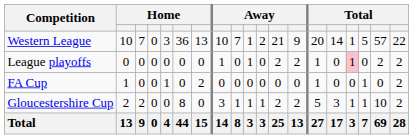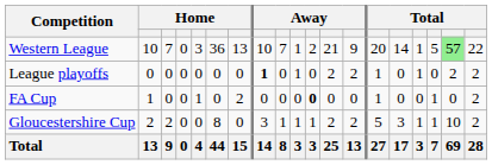 <table class="wikitable" style="text-align:center;">
 <tr>
 <th rowspan="2">Competition</th>
 <th colspan="6" style="border-right:3px solid grey;">Home</th>
 <th colspan="6" style="border-right:3px solid grey;">Away</th>
 <th colspan="6">Total</th>
 </tr>
 <tr>
 <th></th>
 <th></th>
 <th></th>
 <th></th>
 <th></th>
 <th style="border-right:3px solid grey;"></th>
 <th></th>
 <th></th>
 <th></th>
 <th></th>
 <th></th>
 <th style="border-right:3px solid grey;"></th>
 <th></th>
 <th></th>
 <th></th>
 <th></th>
 <th></th>
 <th></th>
 </tr>
 <tr>
 <td style="text-align:left;"><a href='#'>Western League</a></td>
 <td>10</td>
 <td>7</td>
 <td>0</td>
 <td>3</td>
 <td>36</td>
 <td style="border-right:3px solid grey;">13</td>
 <td>10</td>
 <td>7</td>
 <td>1</td>
 <td>2</td>
 <td>21</td>
 <td style="border-right:3px solid grey;">9</td>
 <td>20</td>
 <td>14</td>
 <td>1</td>
 <td>5</td>
-<td>57</td>
+<td style="background: lightgreen;">57</td>
 <td>22</td>
 </tr>
 <tr>
 <td style="text-align:left;">League <a href='#'>playoffs</a></td>
 <td>0</td>
 <td>0</td>
 <td>0</td>
 <td>0</td>
 <td>0</td>
 <td style="border-right:3px solid grey;">0</td>
-<td>1</td>
+<td><strong>1</strong></td>
 <td>0</td>
 <td>1</td>
 <td>0</td>
 <td>2</td>
 <td style="border-right:3px solid grey;">2</td>
 <td>1</td>
 <td>0</td>
-<td style="background: pink;">1</td>
+<td>1</td>
 <td>0</td>
 <td>2</td>
 <td>2</td>
 </tr>
 <tr>
 <td style="text-align:left;"><a href='#'>FA Cup</a></td>
 <td>1</td>
 <td>0</td>
 <td>0</td>
 <td>1</td>
 <td>0</td>
 <td style="border-right:3px solid grey;">2</td>
 <td>0</td>
 <td>0</td>
 <td>0</td>
-<td>0</td>
+<td><strong>0</strong></td>
 <td>0</td>
 <td style="border-right:3px solid grey;">0</td>
 <td>1</td>
 <td>0</td>
 <td>0</td>
 <td>1</td>
 <td>0</td>
 <td>2</td>
 </tr>
 <tr>
 <td style="text-align:left;"><a href='#'>Gloucestershire Cup</a></td>
 <td>2</td>
 <td>2</td>
 <td>0</td>
 <td>0</td>
 <td>8</td>
 <td style="border-right:3px solid grey;">0</td>
 <td>3</td>
 <td>1</td>
 <td>1</td>
 <td>1</td>
 <td>2</td>
 <td style="border-right:3px solid grey;">2</td>
 <td>5</td>
 <td>3</td>
 <td>1</td>
 <td>1</td>
 <td>10</td>
 <td>2</td>
 </tr>
 <tr>
 <th style="text-align:left;"><strong>Total</strong></th>
 <th>13</th>
 <th>9</th>
 <th>0</th>
 <th>4</th>
 <th>44</th>
 <th style="border-right:3px solid grey;">15</th>
 <th>14</th>
 <th>8</th>
 <th>3</th>
 <th>3</th>
 <th>25</th>
 <th style="border-right:3px solid grey;">13</th>
 <th>27</th>
 <th>17</th>
 <th>3</th>
 <th>7</th>
 <th>69</th>
 <th>28</th>
 </tr>
 </table>
